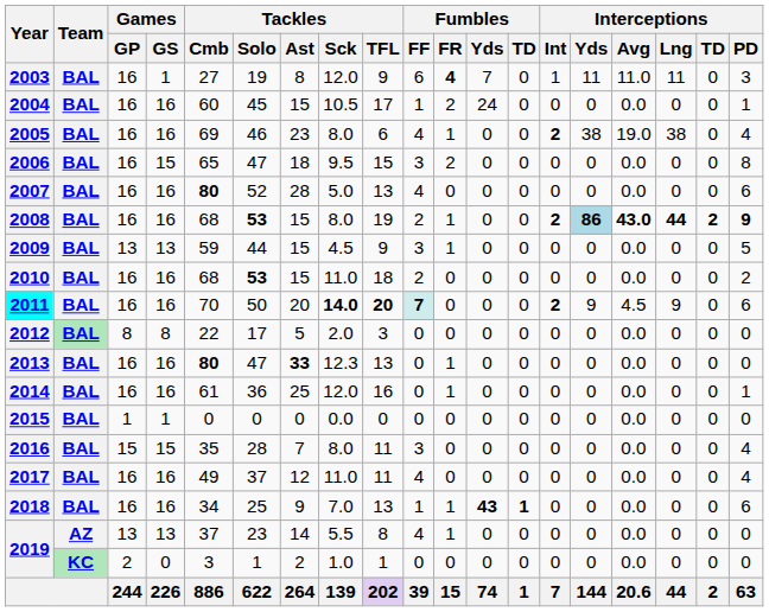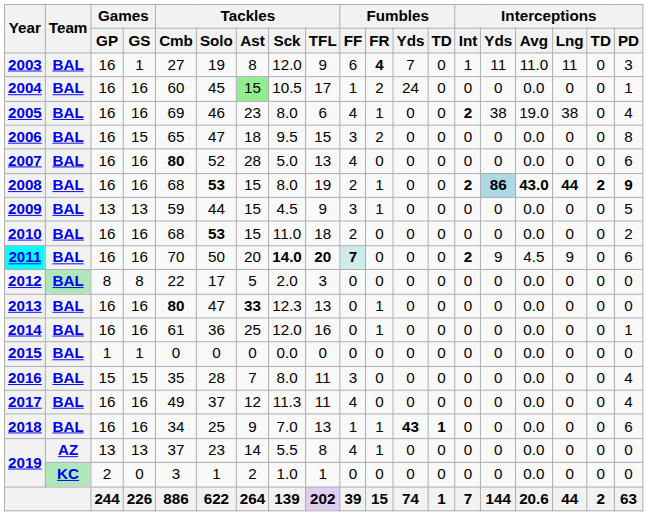 <table class="wikitable" style="text-align:center;">
 <tr>
 <th rowspan="2">Year</th>
 <th rowspan="2">Team</th>
 <th colspan="2">Games</th>
 <th colspan="5">Tackles</th>
 <th colspan="4">Fumbles</th>
 <th colspan="6">Interceptions</th>
 </tr>
 <tr>
 <th>GP</th>
 <th>GS</th>
 <th>Cmb</th>
 <th>Solo</th>
 <th>Ast</th>
 <th>Sck</th>
 <th>TFL</th>
 <th>FF</th>
 <th>FR</th>
 <th>Yds</th>
 <th>TD</th>
 <th>Int</th>
 <th>Yds</th>
 <th>Avg</th>
 <th>Lng</th>
 <th>TD</th>
 <th>PD</th>
 </tr>
 <tr>
 <th><a href='#'>2003</a></th>
 <th><a href='#'>BAL</a></th>
 <td>16</td>
 <td>1</td>
 <td>27</td>
 <td>19</td>
 <td>8</td>
 <td>12.0</td>
 <td>9</td>
 <td>6</td>
 <td><strong>4</strong></td>
 <td>7</td>
 <td>0</td>
 <td>1</td>
 <td>11</td>
 <td>11.0</td>
 <td>11</td>
 <td>0</td>
 <td>3</td>
 </tr>
 <tr>
 <th><a href='#'>2004</a></th>
 <th><a href='#'>BAL</a></th>
 <td>16</td>
 <td>16</td>
 <td>60</td>
 <td>45</td>
-<td>15</td>
+<td style="background: lightgreen;">15</td>
 <td>10.5</td>
 <td>17</td>
 <td>1</td>
 <td>2</td>
 <td>24</td>
 <td>0</td>
 <td>0</td>
 <td>0</td>
 <td>0.0</td>
 <td>0</td>
 <td>0</td>
 <td>1</td>
 </tr>
 <tr>
 <th><a href='#'>2005</a></th>
 <th><a href='#'>BAL</a></th>
 <td>16</td>
 <td>16</td>
 <td>69</td>
 <td>46</td>
 <td>23</td>
 <td>8.0</td>
 <td>6</td>
 <td>4</td>
 <td>1</td>
 <td>0</td>
 <td>0</td>
 <td><strong>2</strong></td>
 <td>38</td>
 <td>19.0</td>
 <td>38</td>
 <td>0</td>
 <td>4</td>
 </tr>
 <tr>
 <th><a href='#'>2006</a></th>
 <th><a href='#'>BAL</a></th>
 <td>16</td>
 <td>15</td>
 <td>65</td>
 <td>47</td>
 <td>18</td>
 <td>9.5</td>
 <td>15</td>
 <td>3</td>
 <td>2</td>
 <td>0</td>
 <td>0</td>
 <td>0</td>
 <td>0</td>
 <td>0.0</td>
 <td>0</td>
 <td>0</td>
 <td>8</td>
 </tr>
 <tr>
 <th><a href='#'>2007</a></th>
 <th><a href='#'>BAL</a></th>
 <td>16</td>
 <td>16</td>
 <td><strong>80</strong></td>
 <td>52</td>
 <td>28</td>
 <td>5.0</td>
 <td>13</td>
 <td>4</td>
 <td>0</td>
 <td>0</td>
 <td>0</td>
 <td>0</td>
 <td>0</td>
 <td>0.0</td>
 <td>0</td>
 <td>0</td>
 <td>6</td>
 </tr>
 <tr>
 <th><a href='#'>2008</a></th>
 <th><a href='#'>BAL</a></th>
 <td>16</td>
 <td>16</td>
 <td>68</td>
 <td><strong>53</strong></td>
 <td>15</td>
 <td>8.0</td>
 <td>19</td>
 <td>2</td>
 <td>1</td>
 <td>0</td>
 <td>0</td>
 <td><strong>2</strong></td>
 <td style="background: lightblue;"><strong>86</strong></td>
 <td><strong>43.0</strong></td>
 <td><strong>44</strong></td>
 <td><strong>2</strong></td>
 <td><strong>9</strong></td>
 </tr>
 <tr>
 <th><a href='#'>2009</a></th>
 <th><a href='#'>BAL</a></th>
 <td>13</td>
 <td>13</td>
 <td>59</td>
 <td>44</td>
 <td>15</td>
 <td>4.5</td>
 <td>9</td>
 <td>3</td>
 <td>1</td>
 <td>0</td>
 <td>0</td>
 <td>0</td>
 <td>0</td>
 <td>0.0</td>
 <td>0</td>
 <td>0</td>
 <td>5</td>
 </tr>
 <tr>
 <th><a href='#'>2010</a></th>
 <th><a href='#'>BAL</a></th>
 <td>16</td>
 <td>16</td>
 <td>68</td>
 <td><strong>53</strong></td>
 <td>15</td>
 <td>11.0</td>
 <td>18</td>
 <td>2</td>
 <td>0</td>
 <td>0</td>
 <td>0</td>
 <td>0</td>
 <td>0</td>
 <td>0.0</td>
 <td>0</td>
 <td>0</td>
 <td>2</td>
 </tr>
 <tr>
 <th style="background:#00ffff;"><a href='#'>2011</a></th>
 <th><a href='#'>BAL</a></th>
 <td>16</td>
 <td>16</td>
 <td>70</td>
 <td>50</td>
 <td>20</td>
 <td><strong>14.0</strong></td>
 <td><strong>20</strong></td>
 <td style="background:#cfecec;"><strong>7</strong></td>
 <td>0</td>
 <td>0</td>
 <td>0</td>
 <td><strong>2</strong></td>
 <td>9</td>
 <td>4.5</td>
 <td>9</td>
 <td>0</td>
 <td>6</td>
 </tr>
 <tr>
 <th><a href='#'>2012</a></th>
 <th style="background:#afe6ba;"><a href='#'>BAL</a></th>
 <td>8</td>
 <td>8</td>
 <td>22</td>
 <td>17</td>
 <td>5</td>
 <td>2.0</td>
 <td>3</td>
 <td>0</td>
 <td>0</td>
 <td>0</td>
 <td>0</td>
 <td>0</td>
 <td>0</td>
 <td>0.0</td>
 <td>0</td>
 <td>0</td>
 <td>0</td>
 </tr>
 <tr>
 <th><a href='#'>2013</a></th>
 <th><a href='#'>BAL</a></th>
 <td>16</td>
 <td>16</td>
 <td><strong>80</strong></td>
 <td>47</td>
 <td><strong>33</strong></td>
 <td>12.3</td>
 <td>13</td>
 <td>0</td>
 <td>1</td>
 <td>0</td>
 <td>0</td>
 <td>0</td>
 <td>0</td>
 <td>0.0</td>
 <td>0</td>
 <td>0</td>
 <td>0</td>
 </tr>
 <tr>
 <th><a href='#'>2014</a></th>
 <th><a href='#'>BAL</a></th>
 <td>16</td>
 <td>16</td>
 <td>61</td>
 <td>36</td>
 <td>25</td>
 <td>12.0</td>
 <td>16</td>
 <td>0</td>
 <td>1</td>
 <td>0</td>
 <td>0</td>
 <td>0</td>
 <td>0</td>
 <td>0.0</td>
 <td>0</td>
 <td>0</td>
 <td>1</td>
 </tr>
 <tr>
 <th><a href='#'>2015</a></th>
 <th><a href='#'>BAL</a></th>
 <td>1</td>
 <td>1</td>
 <td>0</td>
 <td>0</td>
 <td>0</td>
 <td>0.0</td>
 <td>0</td>
 <td>0</td>
 <td>0</td>
 <td>0</td>
 <td>0</td>
 <td>0</td>
 <td>0</td>
 <td>0.0</td>
 <td>0</td>
 <td>0</td>
 <td>0</td>
 </tr>
 <tr>
 <th><a href='#'>2016</a></th>
 <th><a href='#'>BAL</a></th>
 <td>15</td>
 <td>15</td>
 <td>35</td>
 <td>28</td>
 <td>7</td>
 <td>8.0</td>
 <td>11</td>
 <td>3</td>
 <td>0</td>
 <td>0</td>
 <td>0</td>
 <td>0</td>
 <td>0</td>
 <td>0.0</td>
 <td>0</td>
 <td>0</td>
 <td>4</td>
 </tr>
 <tr>
 <th><a href='#'>2017</a></th>
 <th><a href='#'>BAL</a></th>
 <td>16</td>
 <td>16</td>
 <td>49</td>
 <td>37</td>
 <td>12</td>
-<td>11.0</td>
+<td>11.3</td>
 <td>11</td>
 <td>4</td>
 <td>0</td>
 <td>0</td>
 <td>0</td>
 <td>0</td>
 <td>0</td>
 <td>0.0</td>
 <td>0</td>
 <td>0</td>
 <td>4</td>
 </tr>
 <tr>
 <th><a href='#'>2018</a></th>
 <th><a href='#'>BAL</a></th>
 <td>16</td>
 <td>16</td>
 <td>34</td>
 <td>25</td>
 <td>9</td>
 <td>7.0</td>
 <td>13</td>
 <td>1</td>
 <td>1</td>
 <td><strong>43</strong></td>
 <td><strong>1</strong></td>
 <td>0</td>
 <td>0</td>
 <td>0.0</td>
 <td>0</td>
 <td>0</td>
 <td>6</td>
 </tr>
 <tr>
 <th rowspan="2"><a href='#'>2019</a></th>
 <th><a href='#'>AZ</a></th>
 <td>13</td>
 <td>13</td>
 <td>37</td>
 <td>23</td>
 <td>14</td>
 <td>5.5</td>
 <td>8</td>
 <td>4</td>
 <td>1</td>
 <td>0</td>
 <td>0</td>
 <td>0</td>
 <td>0</td>
 <td>0.0</td>
 <td>0</td>
 <td>0</td>
 <td>0</td>
 </tr>
 <tr>
 <th style="background:#afe6ba;"><a href='#'>KC</a></th>
 <td>2</td>
 <td>0</td>
 <td>3</td>
 <td>1</td>
 <td>2</td>
 <td>1.0</td>
 <td>1</td>
 <td>0</td>
 <td>0</td>
 <td>0</td>
 <td>0</td>
 <td>0</td>
 <td>0</td>
 <td>0.0</td>
 <td>0</td>
 <td>0</td>
 <td>0</td>
 </tr>
 <tr>
 <th colspan="2"></th>
 <th>244</th>
 <th>226</th>
 <th>886</th>
 <th>622</th>
 <th>264</th>
 <th>139</th>
 <th style="background:#e0cef2;">202</th>
 <th>39</th>
 <th>15</th>
 <th>74</th>
 <th>1</th>
 <th>7</th>
 <th>144</th>
 <th>20.6</th>
 <th>44</th>
 <th>2</th>
 <th>63</th>
 </tr>
 </table>
